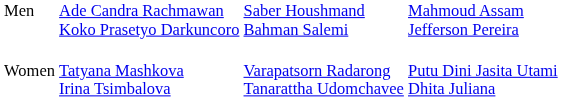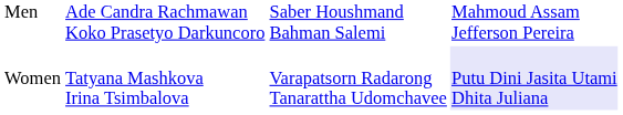 <table>
 <tr>
 <td>Men</td>
 <td><br><a href='#'>Ade Candra Rachmawan</a><br><a href='#'>Koko Prasetyo Darkuncoro</a></td>
 <td><br><a href='#'>Saber Houshmand</a><br><a href='#'>Bahman Salemi</a></td>
 <td><br><a href='#'>Mahmoud Assam</a><br><a href='#'>Jefferson Pereira</a></td>
 </tr>
 <tr>
 <td>Women</td>
 <td><br><a href='#'>Tatyana Mashkova</a><br><a href='#'>Irina Tsimbalova</a></td>
 <td><br><a href='#'>Varapatsorn Radarong</a><br><a href='#'>Tanarattha Udomchavee</a></td>
-<td><br><a href='#'>Putu Dini Jasita Utami</a><br><a href='#'>Dhita Juliana</a></td>
+<td style="background: lavender;"><br><a href='#'>Putu Dini Jasita Utami</a><br><a href='#'>Dhita Juliana</a></td>
 </tr>
 </table>
